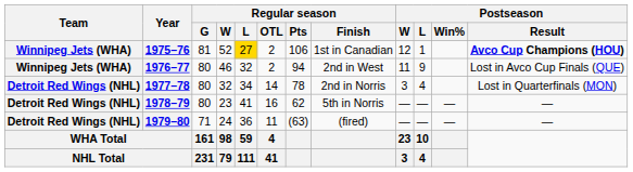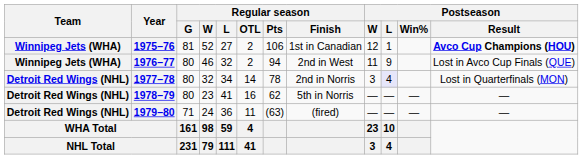 <table class="wikitable" style="font-size: 95%; text-align:center;">
 <tr>
 <th rowspan="2">Team</th>
 <th rowspan="2">Year</th>
 <th colspan="6">Regular season</th>
 <th colspan="5">Postseason</th>
 </tr>
 <tr>
 <th>G</th>
 <th>W</th>
 <th>L</th>
 <th>OTL</th>
 <th>Pts</th>
 <th>Finish</th>
 <th>W</th>
 <th>L</th>
 <th>Win%</th>
 <th>Result</th>
 </tr>
 <tr>
 <th><a href='#'>Winnipeg Jets</a> (WHA)</th>
 <th><a href='#'>1975–76</a></th>
 <td>81</td>
 <td>52</td>
-<td style="background: gold;">27</td>
+<td>27</td>
 <td>2</td>
 <td>106</td>
 <td>1st in Canadian</td>
 <td>12</td>
 <td>1</td>
 <td></td>
 <td><strong><a href='#'>Avco Cup</a> Champions (<a href='#'>HOU</a>)</strong></td>
 </tr>
 <tr>
 <th>Winnipeg Jets (WHA)</th>
 <th><a href='#'>1976–77</a></th>
 <td>80</td>
 <td>46</td>
 <td>32</td>
 <td>2</td>
 <td>94</td>
 <td>2nd in West</td>
 <td>11</td>
 <td>9</td>
 <td></td>
 <td>Lost in Avco Cup Finals (<a href='#'>QUE</a>)</td>
 </tr>
 <tr>
 <th><a href='#'>Detroit Red Wings</a> (NHL)</th>
 <th><a href='#'>1977–78</a></th>
 <td>80</td>
 <td>32</td>
 <td>34</td>
 <td>14</td>
 <td>78</td>
 <td>2nd in Norris</td>
 <td>3</td>
-<td>4</td>
+<td style="background: lavender;">4</td>
 <td></td>
 <td>Lost in Quarterfinals (<a href='#'>MON</a>)</td>
 </tr>
 <tr>
 <th>Detroit Red Wings (NHL)</th>
 <th><a href='#'>1978–79</a></th>
 <td>80</td>
 <td>23</td>
 <td>41</td>
 <td>16</td>
 <td>62</td>
 <td>5th in Norris</td>
 <td>—</td>
 <td>—</td>
 <td>—</td>
 <td>—</td>
 </tr>
 <tr>
 <th>Detroit Red Wings (NHL)</th>
 <th><a href='#'>1979–80</a></th>
 <td>71</td>
 <td>24</td>
 <td>36</td>
 <td>11</td>
 <td>(63)</td>
 <td>(fired)</td>
 <td>—</td>
 <td>—</td>
 <td>—</td>
 <td>—</td>
 </tr>
 <tr>
 <th colspan="2">WHA Total</th>
 <th>161</th>
 <th>98</th>
 <th>59</th>
 <th>4</th>
 <th></th>
 <th></th>
 <th>23</th>
 <th>10</th>
 <th></th>
 </tr>
 <tr>
 <th colspan="2">NHL Total</th>
 <th>231</th>
 <th>79</th>
 <th>111</th>
 <th>41</th>
 <th></th>
 <th></th>
 <th>3</th>
 <th>4</th>
 <th></th>
 </tr>
 </table>
